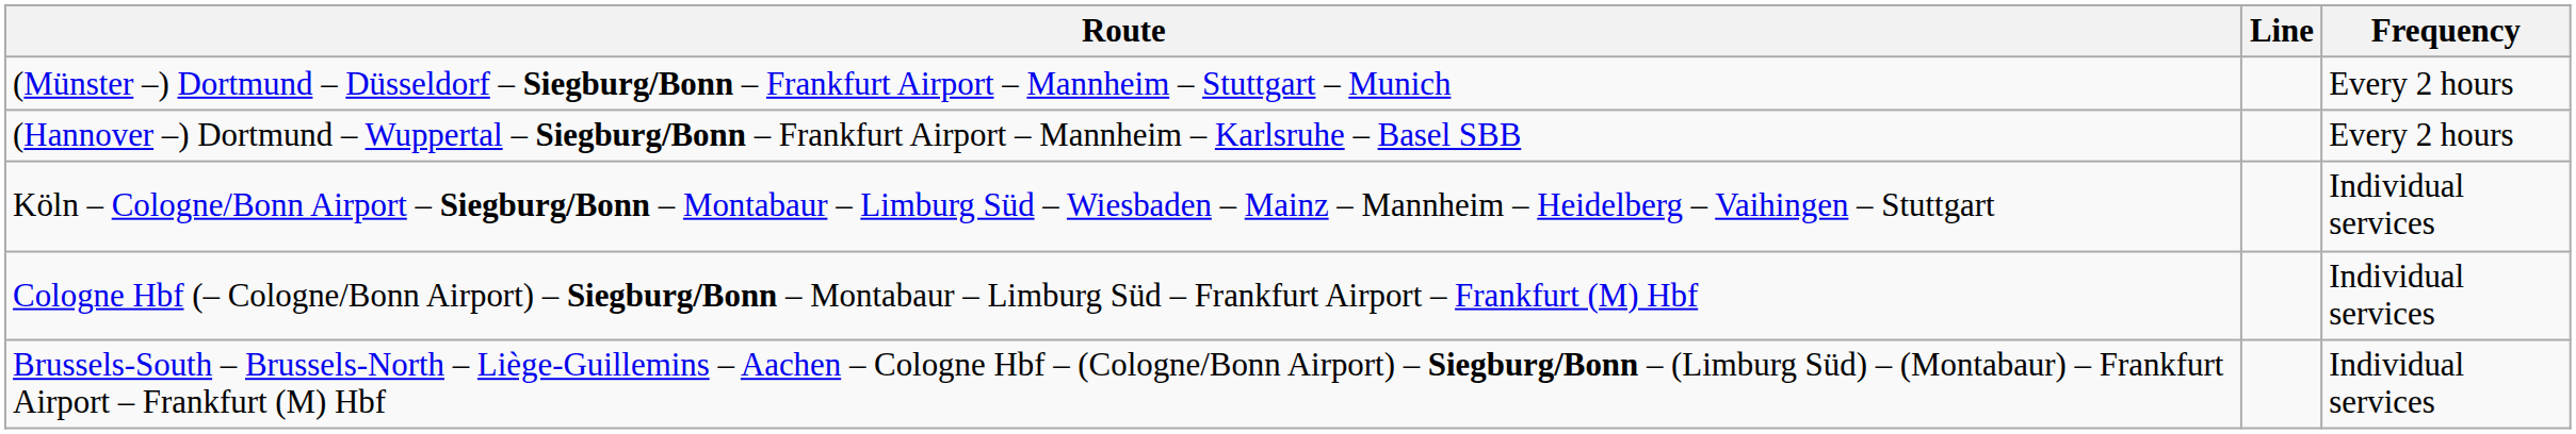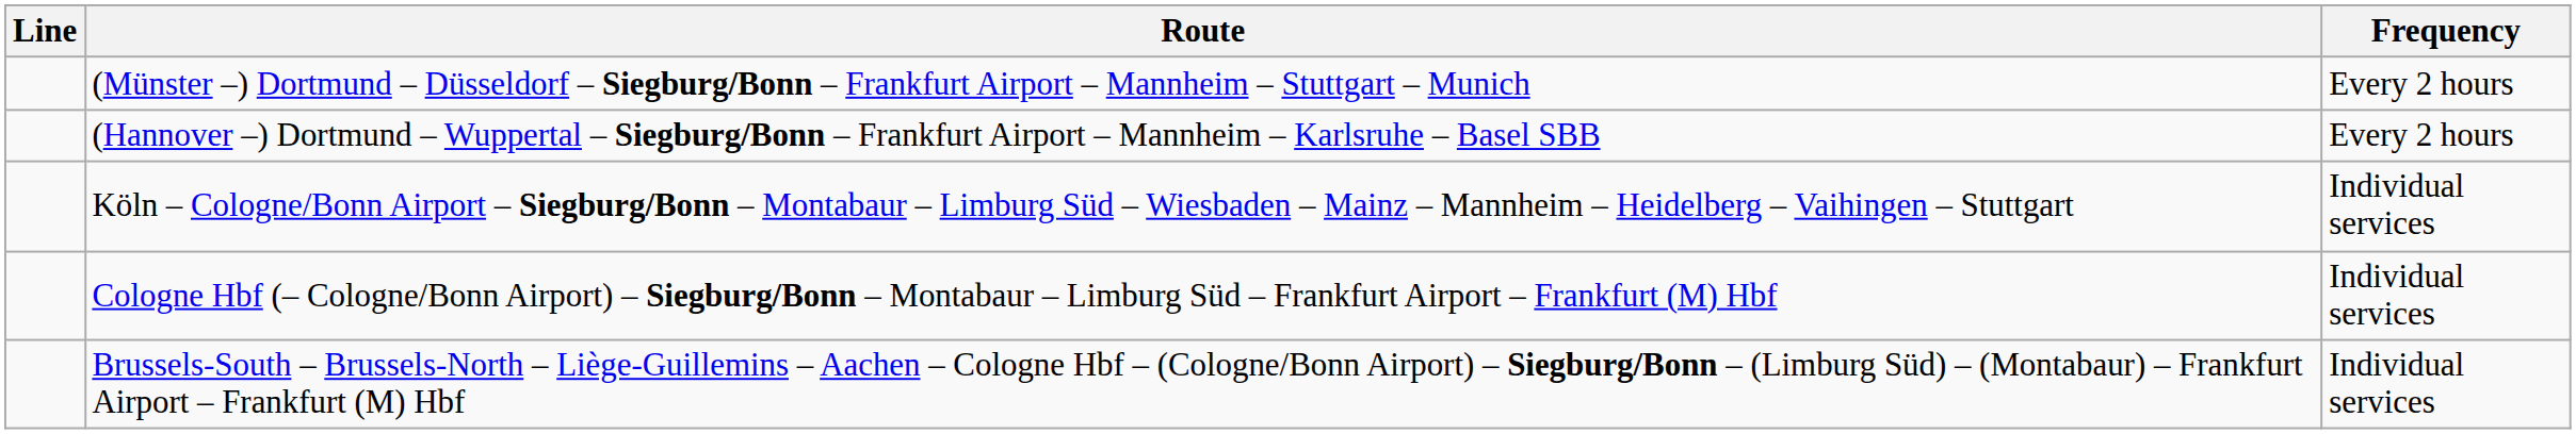 <table class="wikitable">
 <tr class="hintergrundfarbe5">
+<th>Line</th>
 <th>Route</th>
-<th>Line</th>
 <th>Frequency</th>
 </tr>
 <tr>
+<td></td>
 <td>(<a href='#'>Münster</a> –) <a href='#'>Dortmund</a> – <a href='#'>Düsseldorf</a> – <strong>Siegburg/Bonn</strong> – <a href='#'>Frankfurt Airport</a> – <a href='#'>Mannheim</a> – <a href='#'>Stuttgart</a> – <a href='#'>Munich</a></td>
-<td></td>
 <td>Every 2 hours</td>
 </tr>
 <tr>
+<td></td>
 <td>(<a href='#'>Hannover</a> –) Dortmund – <a href='#'>Wuppertal</a> – <strong>Siegburg/Bonn</strong> – Frankfurt Airport – Mannheim – <a href='#'>Karlsruhe</a> – <a href='#'>Basel SBB</a></td>
-<td></td>
 <td>Every 2 hours</td>
 </tr>
 <tr>
+<td></td>
 <td>Köln – <a href='#'>Cologne/Bonn Airport</a> – <strong>Siegburg/Bonn</strong> – <a href='#'>Montabaur</a> – <a href='#'>Limburg Süd</a> – <a href='#'>Wiesbaden</a> – <a href='#'>Mainz</a> – Mannheim – <a href='#'>Heidelberg</a> – <a href='#'>Vaihingen</a> – Stuttgart</td>
-<td></td>
 <td>Individual services</td>
 </tr>
 <tr>
+<td></td>
 <td><a href='#'>Cologne Hbf</a> (– Cologne/Bonn Airport) – <strong>Siegburg/Bonn</strong> – Montabaur – Limburg Süd – Frankfurt Airport – <a href='#'>Frankfurt (M) Hbf</a></td>
-<td></td>
 <td>Individual services</td>
 </tr>
 <tr>
+<td></td>
 <td><a href='#'>Brussels-South</a> – <a href='#'>Brussels-North</a> – <a href='#'>Liège-Guillemins</a> – <a href='#'>Aachen</a> – Cologne Hbf – (Cologne/Bonn Airport) – <strong>Siegburg/Bonn</strong> – (Limburg Süd) – (Montabaur) – Frankfurt Airport – Frankfurt (M) Hbf</td>
-<td></td>
 <td>Individual services</td>
 </tr>
 </table>
